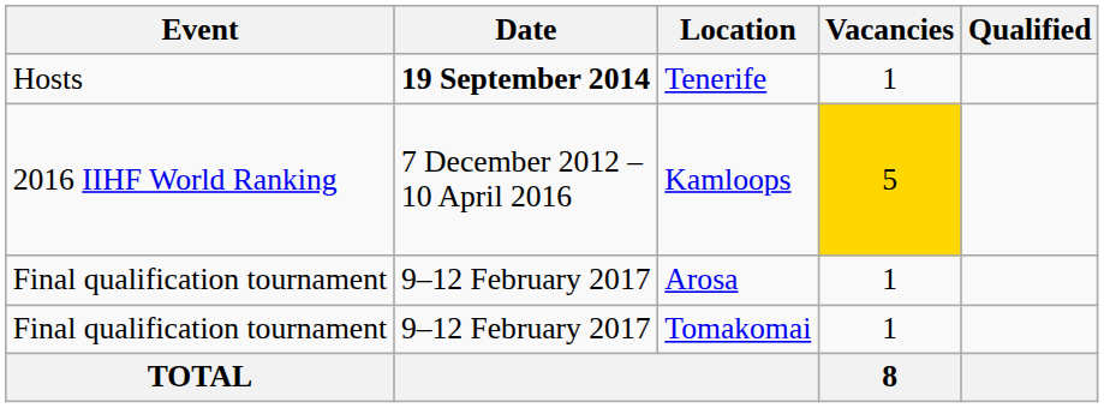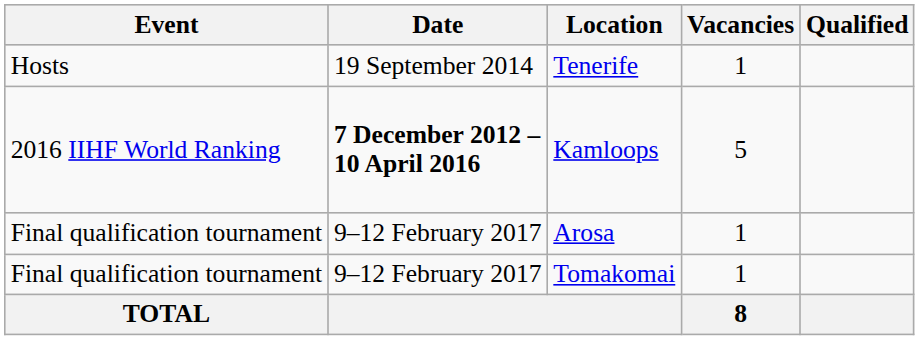 <table class="wikitable">
 <tr>
 <th>Event</th>
 <th>Date</th>
 <th>Location</th>
 <th>Vacancies</th>
 <th>Qualified</th>
 </tr>
 <tr>
 <td>Hosts</td>
-<td><strong>19 September 2014</strong></td>
+<td>19 September 2014</td>
 <td> <a href='#'>Tenerife</a></td>
 <td align=center>1</td>
 <td></td>
 </tr>
 <tr>
 <td>2016 <a href='#'>IIHF World Ranking</a></td>
-<td>7 December 2012 – <br> 10 April 2016</td>
+<td><strong>7 December 2012 – <br> 10 April 2016</strong></td>
 <td> <a href='#'>Kamloops</a></td>
-<td align=center style="background: gold;">5</td>
+<td align=center>5</td>
 <td><br><br><br><br></td>
 </tr>
 <tr>
 <td>Final qualification tournament</td>
 <td>9–12 February 2017</td>
 <td> <a href='#'>Arosa</a></td>
 <td align=center>1</td>
 <td></td>
 </tr>
 <tr>
 <td>Final qualification tournament</td>
 <td>9–12 February 2017</td>
 <td> <a href='#'>Tomakomai</a></td>
 <td align=center>1</td>
 <td></td>
 </tr>
 <tr>
 <th>TOTAL</th>
 <th colspan="2"></th>
 <th>8</th>
 <th></th>
 </tr>
 </table>
